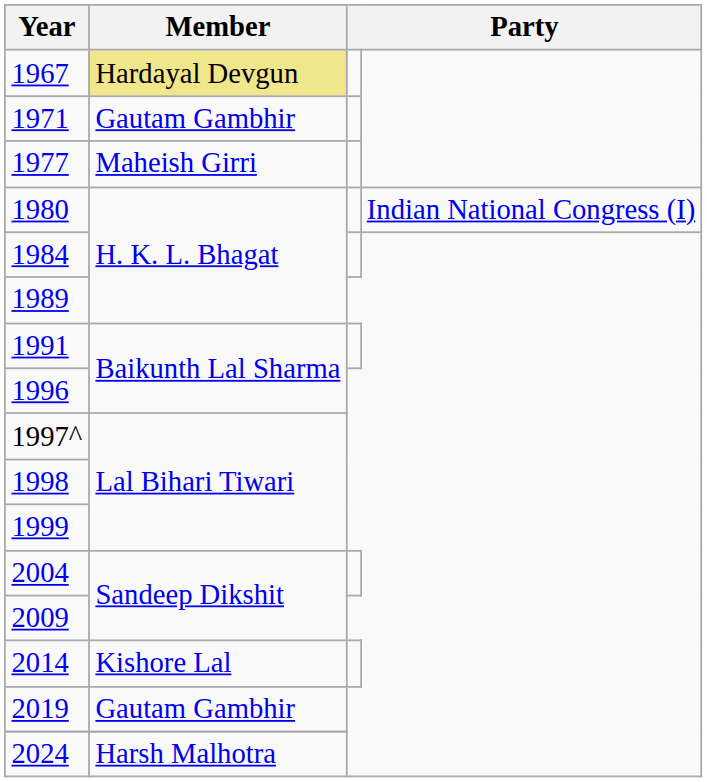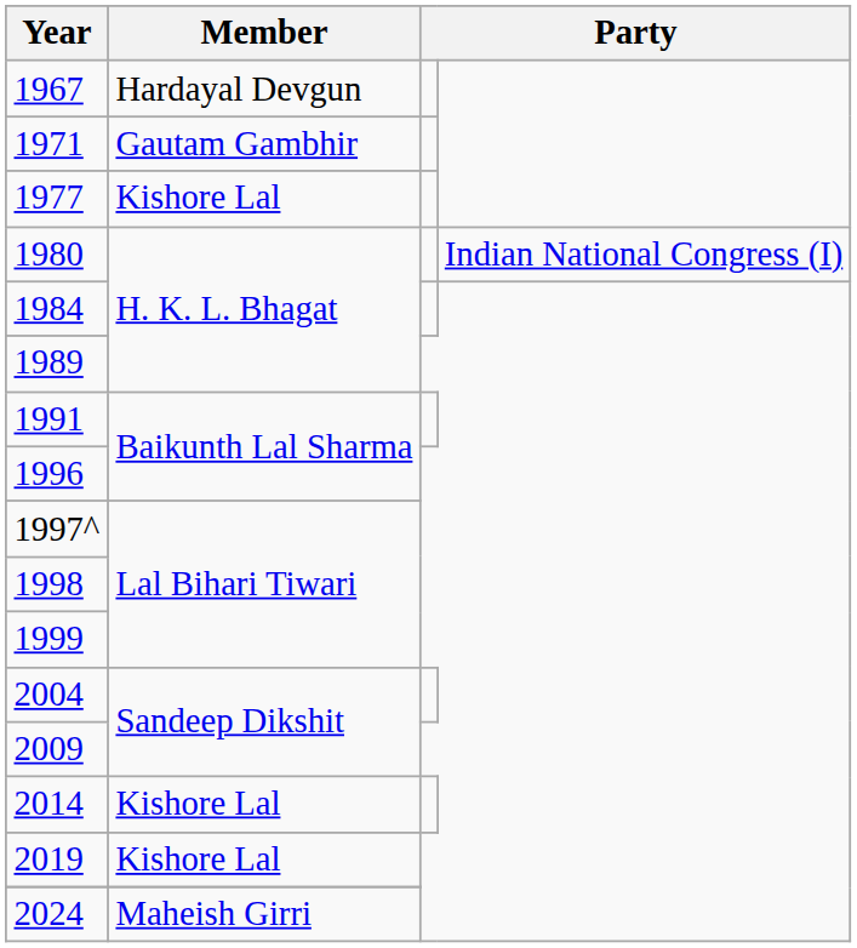 <table class="wikitable">
 <tr>
 <th>Year</th>
 <th>Member</th>
 <th colspan="2">Party</th>
 </tr>
 <tr>
 <td><a href='#'>1967</a></td>
-<td style="background: khaki;">Hardayal Devgun</td>
+<td>Hardayal Devgun</td>
 <td></td>
 </tr>
 <tr>
 <td><a href='#'>1971</a></td>
 <td><a href='#'>Gautam Gambhir</a></td>
 <td></td>
 </tr>
 <tr>
 <td><a href='#'>1977</a></td>
-<td><a href='#'>Maheish Girri</a></td>
+<td><a href='#'>Kishore Lal</a></td>
 <td></td>
 </tr>
 <tr>
 <td><a href='#'>1980</a></td>
 <td rowspan="3"><a href='#'>H. K. L. Bhagat</a></td>
 <td style="background-color: "></td>
 <td><a href='#'>Indian National Congress (I)</a></td>
 </tr>
 <tr>
 <td><a href='#'>1984</a></td>
 <td></td>
 </tr>
 <tr>
 <td><a href='#'>1989</a></td>
 </tr>
 <tr>
 <td><a href='#'>1991</a></td>
 <td rowspan="2"><a href='#'>Baikunth Lal Sharma</a></td>
 <td></td>
 </tr>
 <tr>
 <td><a href='#'>1996</a></td>
 </tr>
 <tr>
 <td>1997^</td>
 <td rowspan="3"><a href='#'>Lal Bihari Tiwari</a></td>
 </tr>
 <tr>
 <td><a href='#'>1998</a></td>
 </tr>
 <tr>
 <td><a href='#'>1999</a></td>
 </tr>
 <tr>
 <td><a href='#'>2004</a></td>
 <td rowspan="2"><a href='#'>Sandeep Dikshit</a></td>
 <td></td>
 </tr>
 <tr>
 <td><a href='#'>2009</a></td>
 </tr>
 <tr>
 <td><a href='#'>2014</a></td>
 <td><a href='#'>Kishore Lal</a></td>
 <td></td>
 </tr>
 <tr>
 <td><a href='#'>2019</a></td>
-<td><a href='#'>Gautam Gambhir</a></td>
+<td><a href='#'>Kishore Lal</a></td>
 </tr>
 <tr>
 </tr>
 <tr>
 <td><a href='#'>2024</a></td>
-<td><a href='#'>Harsh Malhotra</a></td>
+<td><a href='#'>Maheish Girri</a></td>
 </tr>
 </table>
